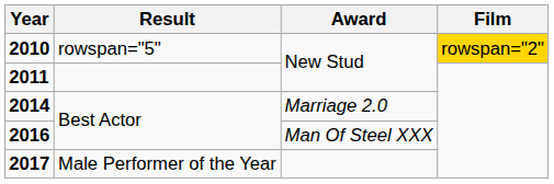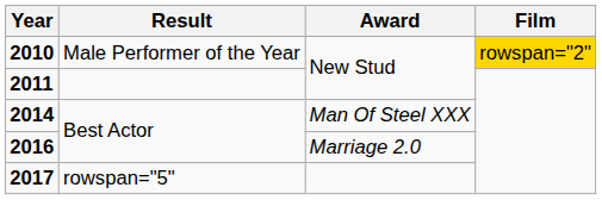 <table class="wikitable">
 <tr>
 <th>Year</th>
 <th>Result</th>
 <th>Award</th>
 <th>Film</th>
 </tr>
 <tr>
 <td><strong>2010</strong></td>
-<td>rowspan="5" </td>
+<td>Male Performer of the Year</td>
 <td rowspan="2">New Stud</td>
 <td style="background: gold;">rowspan="2" </td>
 </tr>
 <tr>
 <td><strong>2011</strong></td>
 </tr>
 <tr>
 <td><strong>2014</strong></td>
 <td rowspan="2">Best Actor</td>
+<td><em>Man Of Steel XXX</em></td>
+</tr>
+<tr>
+<td><strong>2016</strong></td>
 <td><em>Marriage 2.0</em></td>
 </tr>
 <tr>
-<td><strong>2016</strong></td>
-<td><em>Man Of Steel XXX</em></td>
-</tr>
-<tr>
 <td><strong>2017</strong></td>
-<td>Male Performer of the Year</td>
+<td>rowspan="5" </td>
 <td></td>
 </tr>
 </table>
